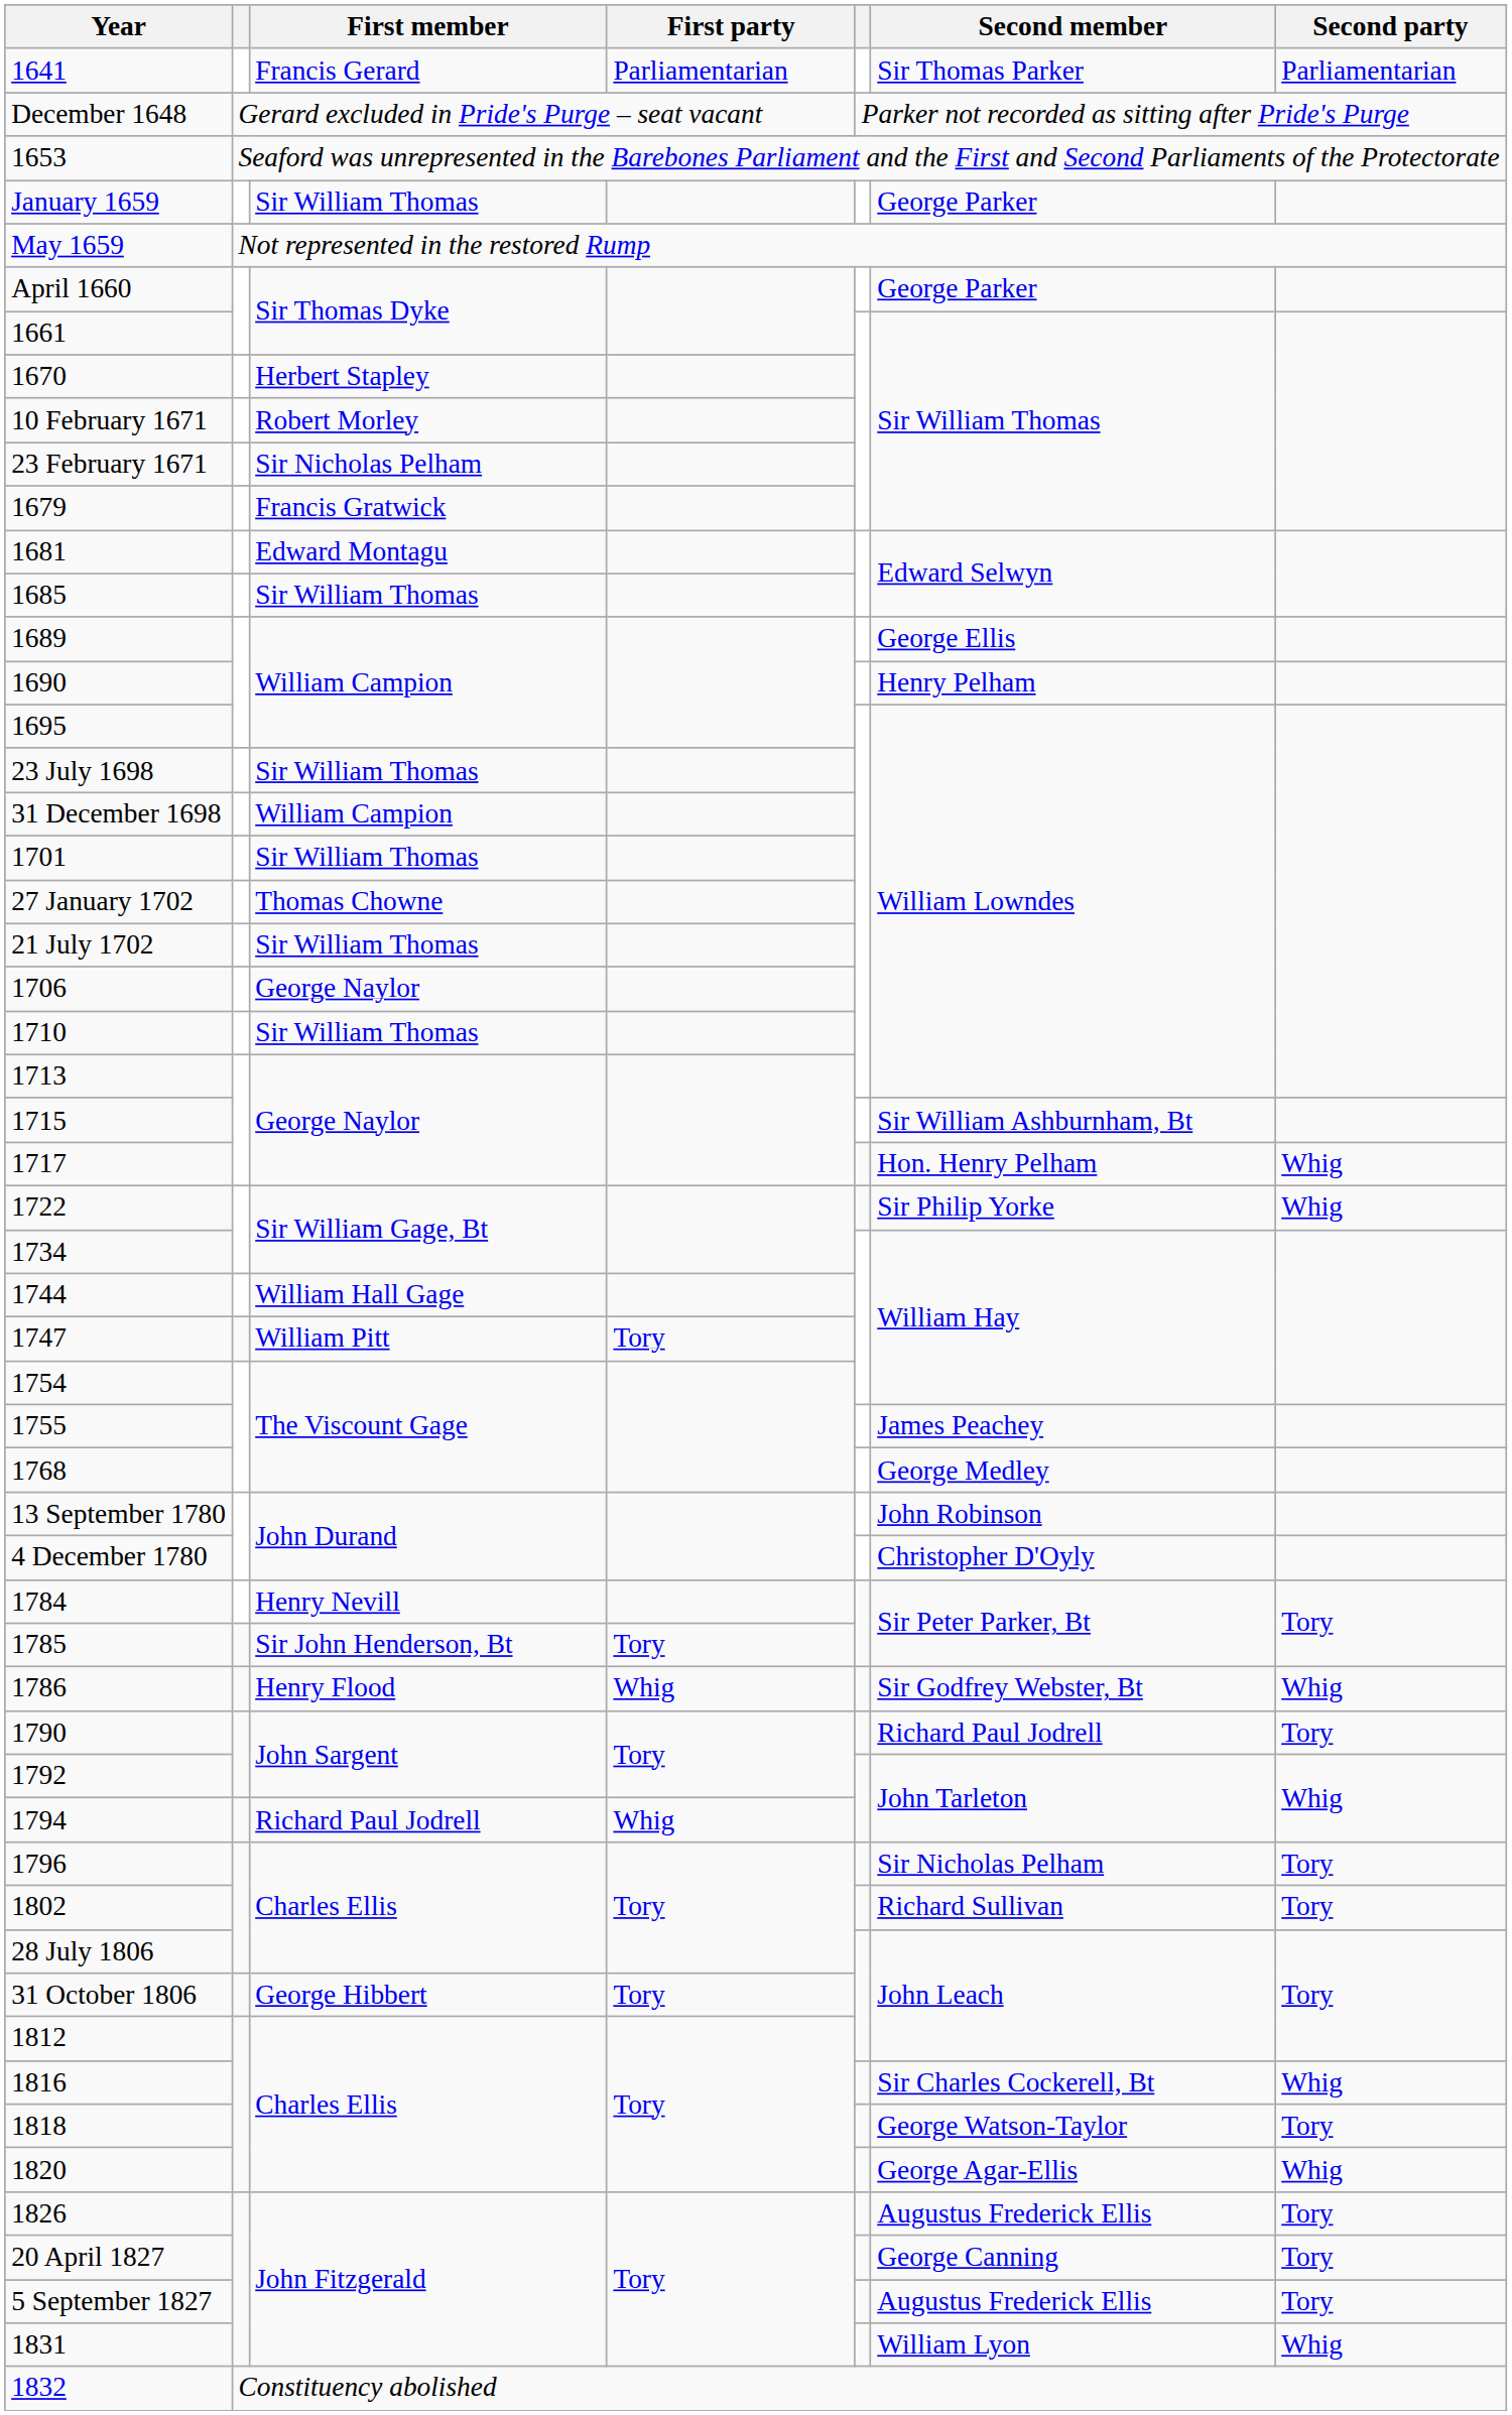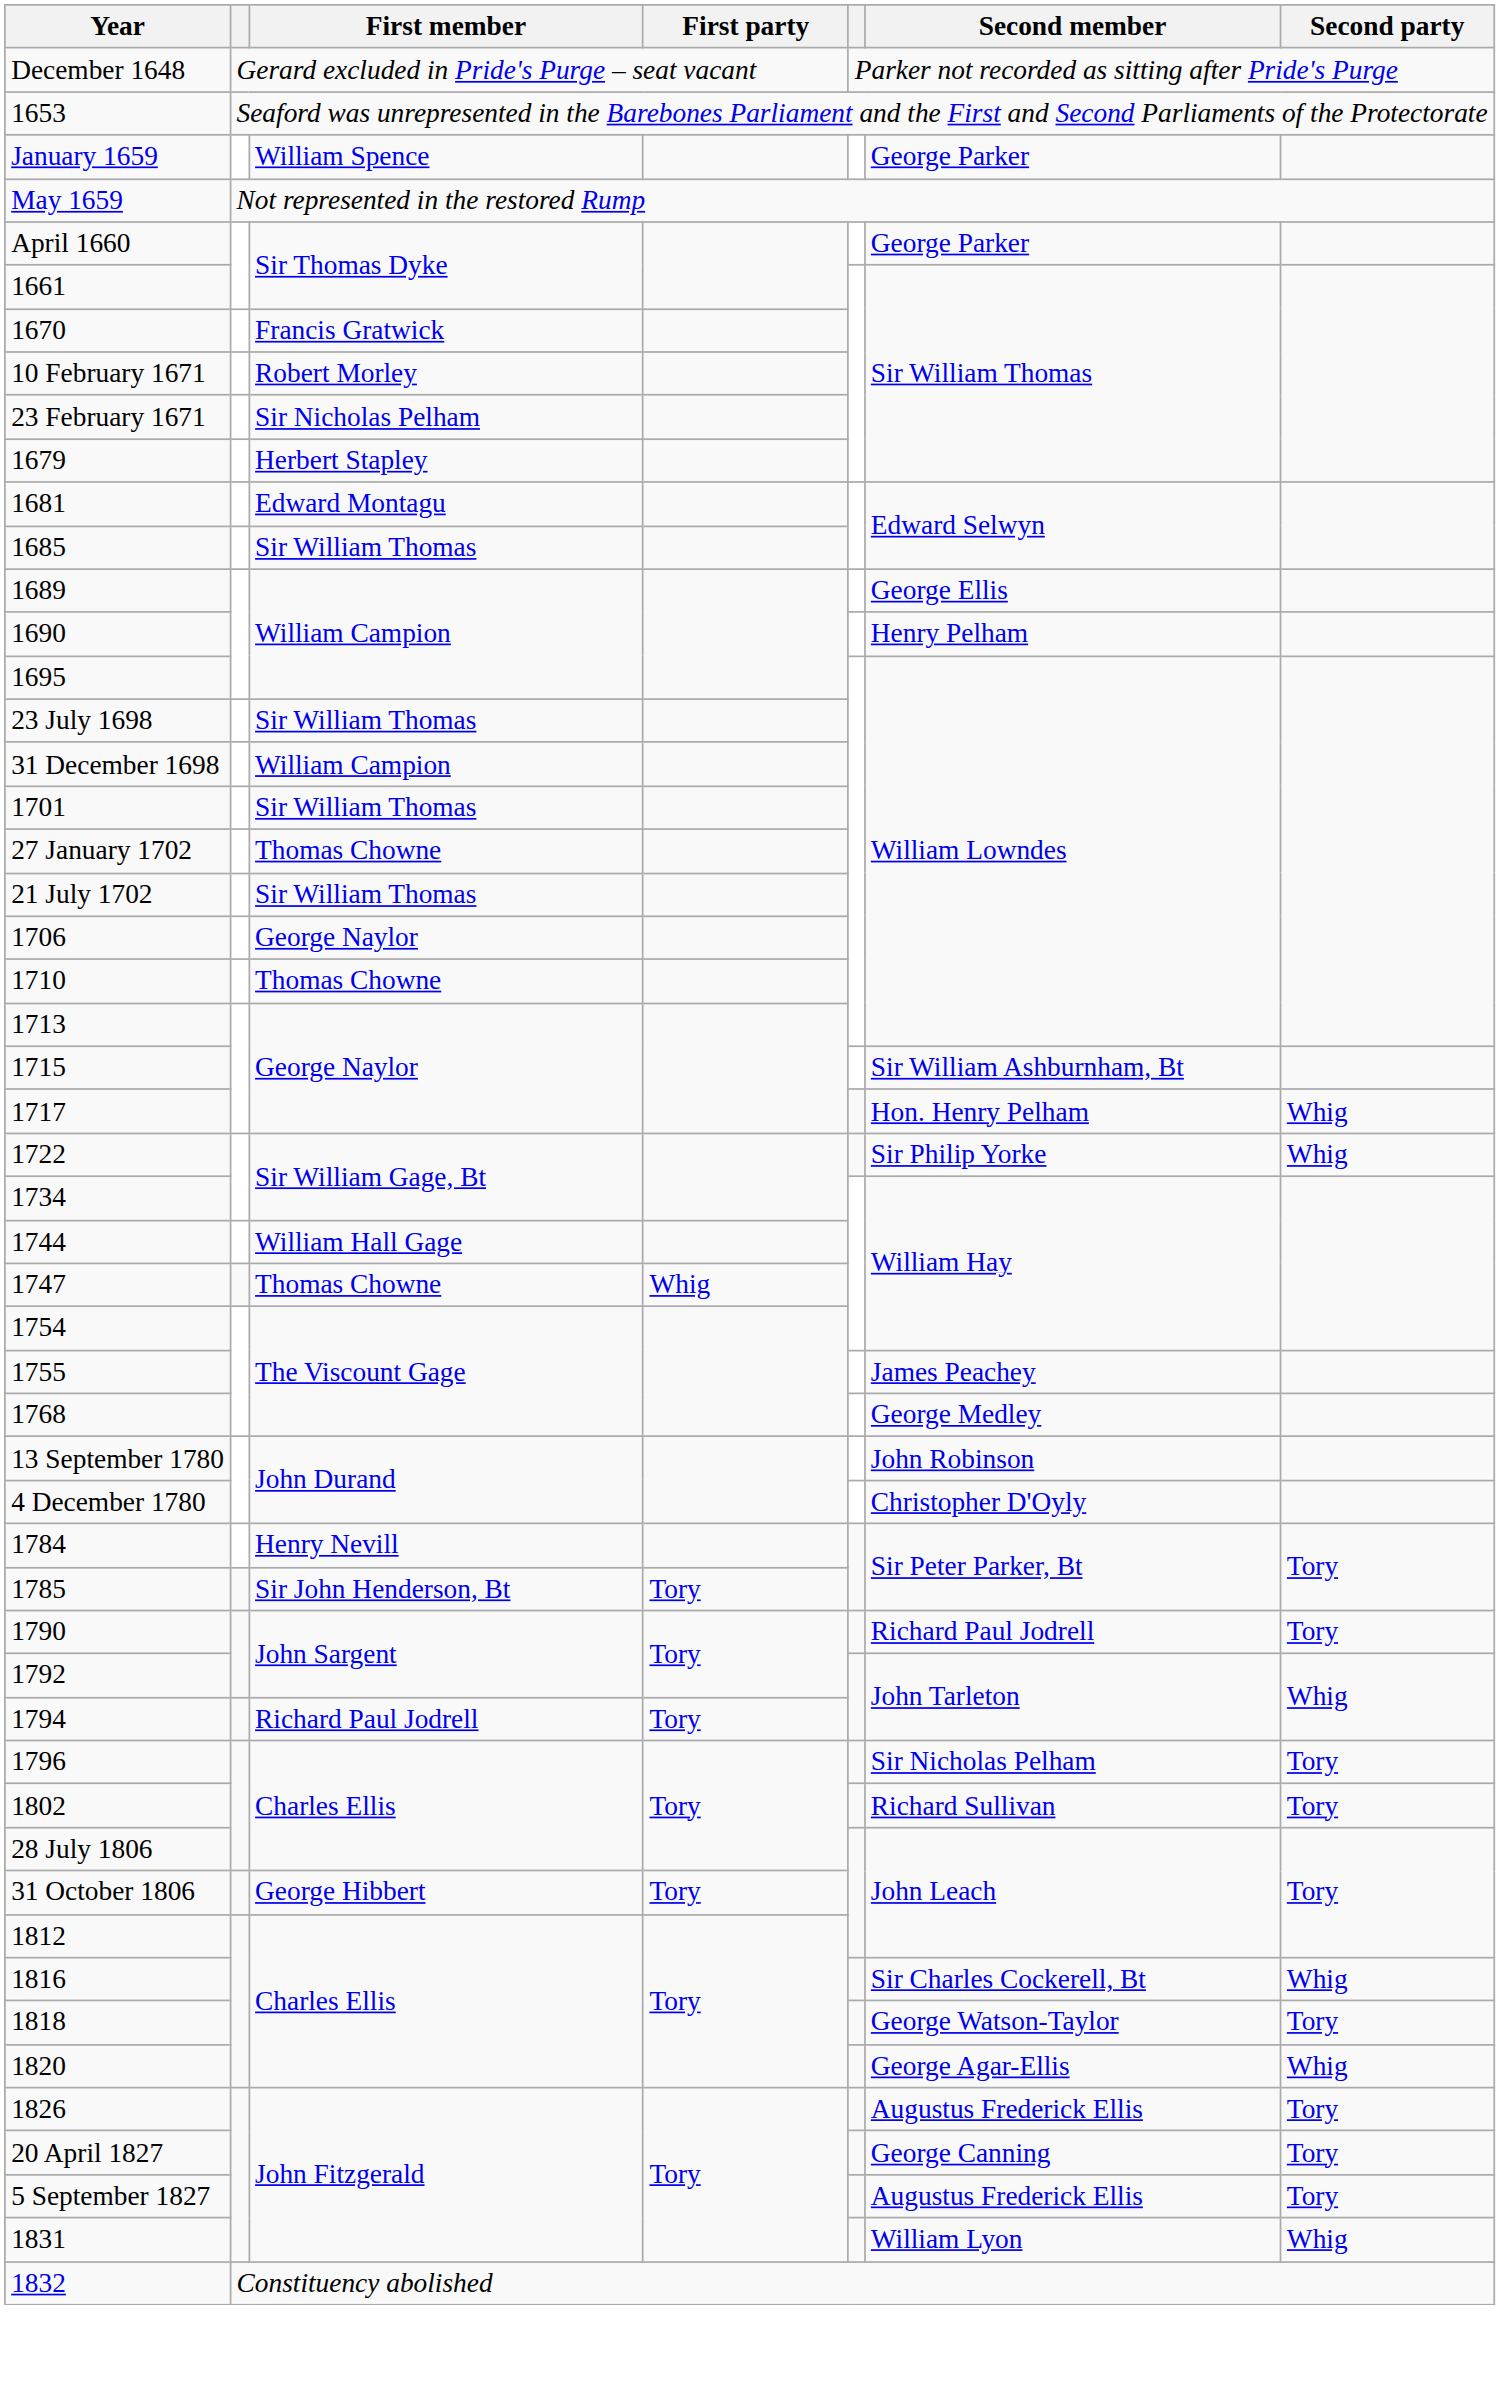 <table class="wikitable">
 <tr>
 <th>Year</th>
 <th></th>
 <th>First member</th>
 <th>First party</th>
 <th></th>
 <th>Second member</th>
 <th>Second party</th>
-</tr>
-<tr>
-<td><a href='#'>1641</a></td>
-<td style="color:inherit;background-color: white"></td>
-<td><a href='#'>Francis Gerard</a></td>
-<td><a href='#'>Parliamentarian</a></td>
-<td style="color:inherit;background-color: white"></td>
-<td><a href='#'>Sir Thomas Parker</a></td>
-<td><a href='#'>Parliamentarian</a></td>
 </tr>
 <tr>
 <td>December 1648</td>
 <td colspan="3"><em>Gerard excluded in <a href='#'>Pride's Purge</a> – seat vacant</em></td>
 <td colspan="3"><em>Parker not recorded as sitting after <a href='#'>Pride's Purge</a></em></td>
 </tr>
 <tr>
 <td>1653</td>
 <td colspan="6"><em>Seaford was unrepresented in the <a href='#'>Barebones Parliament</a> and the <a href='#'>First</a> and <a href='#'>Second</a> Parliaments of the Protectorate</em></td>
 </tr>
 <tr>
 <td><a href='#'>January 1659</a></td>
 <td style="color:inherit;background-color: white"></td>
-<td><a href='#'>Sir William Thomas</a></td>
+<td><a href='#'>William Spence</a></td>
 <td></td>
 <td style="color:inherit;background-color: white"></td>
 <td><a href='#'>George Parker</a></td>
 <td></td>
 </tr>
 <tr>
 <td><a href='#'>May 1659</a></td>
 <td colspan="6"><em>Not represented in the restored <a href='#'>Rump</a></em></td>
 </tr>
 <tr>
 <td>April 1660</td>
 <td rowspan=2 style="color:inherit;background-color: white"></td>
 <td rowspan=2><a href='#'>Sir Thomas Dyke</a></td>
 <td rowspan=2></td>
 <td style="color:inherit;background-color: white"></td>
 <td><a href='#'>George Parker</a></td>
 <td></td>
 </tr>
 <tr>
 <td>1661</td>
 <td rowspan=5 style="color:inherit;background-color: white"></td>
 <td rowspan=5><a href='#'>Sir William Thomas</a></td>
 <td rowspan=5></td>
 </tr>
 <tr>
 <td>1670</td>
 <td style="color:inherit;background-color: white"></td>
-<td><a href='#'>Herbert Stapley</a></td>
+<td><a href='#'>Francis Gratwick</a></td>
 <td></td>
 </tr>
 <tr>
 <td>10 February 1671</td>
 <td style="color:inherit;background-color: white"></td>
 <td><a href='#'>Robert Morley</a></td>
 <td></td>
 </tr>
 <tr>
 <td>23 February 1671</td>
 <td style="color:inherit;background-color: white"></td>
 <td><a href='#'>Sir Nicholas Pelham</a></td>
 <td></td>
 </tr>
 <tr>
 <td>1679</td>
 <td style="color:inherit;background-color: white"></td>
-<td><a href='#'>Francis Gratwick</a></td>
+<td><a href='#'>Herbert Stapley</a></td>
 <td></td>
 </tr>
 <tr>
 <td>1681</td>
 <td style="color:inherit;background-color: white"></td>
 <td><a href='#'>Edward Montagu</a></td>
 <td></td>
 <td rowspan=2 style="color:inherit;background-color: white"></td>
 <td rowspan=2><a href='#'>Edward Selwyn</a></td>
 <td rowspan=2></td>
 </tr>
 <tr>
 <td>1685</td>
 <td style="color:inherit;background-color: white"></td>
 <td><a href='#'>Sir William Thomas</a></td>
 <td></td>
 </tr>
 <tr>
 <td>1689</td>
 <td rowspan=3 style="color:inherit;background-color: white"></td>
 <td rowspan=3><a href='#'>William Campion</a></td>
 <td rowspan=3></td>
 <td style="color:inherit;background-color: white"></td>
 <td><a href='#'>George Ellis</a></td>
 <td></td>
 </tr>
 <tr>
 <td>1690</td>
 <td style="color:inherit;background-color: white"></td>
 <td><a href='#'>Henry Pelham</a></td>
 <td></td>
 </tr>
 <tr>
 <td>1695</td>
 <td rowspan=9 style="color:inherit;background-color: white"></td>
 <td rowspan=9><a href='#'>William Lowndes</a></td>
 <td rowspan=9></td>
 </tr>
 <tr>
 <td>23 July 1698</td>
 <td style="color:inherit;background-color: white"></td>
 <td><a href='#'>Sir William Thomas</a></td>
 <td></td>
 </tr>
 <tr>
 <td>31 December 1698</td>
 <td style="color:inherit;background-color: white"></td>
 <td><a href='#'>William Campion</a></td>
 <td></td>
 </tr>
 <tr>
 <td>1701</td>
 <td style="color:inherit;background-color: white"></td>
 <td><a href='#'>Sir William Thomas</a></td>
 <td></td>
 </tr>
 <tr>
 <td>27 January 1702</td>
 <td style="color:inherit;background-color: white"></td>
 <td><a href='#'>Thomas Chowne</a></td>
 <td></td>
 </tr>
 <tr>
 <td>21 July 1702</td>
 <td style="color:inherit;background-color: white"></td>
 <td><a href='#'>Sir William Thomas</a></td>
 <td></td>
 </tr>
 <tr>
 <td>1706</td>
 <td style="color:inherit;background-color: white"></td>
 <td><a href='#'>George Naylor</a></td>
 <td></td>
 </tr>
 <tr>
 <td>1710</td>
 <td style="color:inherit;background-color: white"></td>
-<td><a href='#'>Sir William Thomas</a></td>
+<td><a href='#'>Thomas Chowne</a></td>
 <td></td>
 </tr>
 <tr>
 <td>1713</td>
 <td rowspan=3 style="color:inherit;background-color: white"></td>
 <td rowspan=3><a href='#'>George Naylor</a></td>
 <td rowspan=3></td>
 </tr>
 <tr>
 <td>1715</td>
 <td style="color:inherit;background-color: white"></td>
 <td><a href='#'>Sir William Ashburnham, Bt</a></td>
 <td></td>
 </tr>
 <tr>
 <td>1717</td>
 <td style="color:inherit;background-color: "></td>
 <td><a href='#'>Hon. Henry Pelham</a></td>
 <td><a href='#'>Whig</a></td>
 </tr>
 <tr>
 <td>1722</td>
 <td rowspan=2 style="color:inherit;background-color: white"></td>
 <td rowspan=2><a href='#'>Sir William Gage, Bt</a></td>
 <td rowspan=2></td>
 <td style="color:inherit;background-color: "></td>
 <td><a href='#'>Sir Philip Yorke</a></td>
 <td><a href='#'>Whig</a></td>
 </tr>
 <tr>
 <td>1734</td>
 <td rowspan=4 style="color:inherit;background-color: white"></td>
 <td rowspan=4><a href='#'>William Hay</a></td>
 <td rowspan=4></td>
 </tr>
 <tr>
 <td>1744</td>
 <td style="color:inherit;background-color: white"></td>
 <td><a href='#'>William Hall Gage</a></td>
 <td></td>
 </tr>
 <tr>
 <td>1747</td>
 <td style="color:inherit;background-color: "></td>
-<td><a href='#'>William Pitt</a></td>
-<td><a href='#'>Tory</a></td>
+<td><a href='#'>Thomas Chowne</a></td>
+<td><a href='#'>Whig</a></td>
 </tr>
 <tr>
 <td>1754</td>
 <td rowspan=3 style="color:inherit;background-color: white"></td>
 <td rowspan=3><a href='#'>The Viscount Gage</a></td>
 <td rowspan=3></td>
 </tr>
 <tr>
 <td>1755</td>
 <td style="color:inherit;background-color: white"></td>
 <td><a href='#'>James Peachey</a></td>
 <td></td>
 </tr>
 <tr>
 <td>1768</td>
 <td style="color:inherit;background-color: white"></td>
 <td><a href='#'>George Medley</a></td>
 <td></td>
 </tr>
 <tr>
 <td>13 September 1780</td>
 <td rowspan=2 style="color:inherit;background-color: white"></td>
 <td rowspan=2><a href='#'>John Durand</a></td>
 <td rowspan=2></td>
 <td style="color:inherit;background-color: white"></td>
 <td><a href='#'>John Robinson</a></td>
 <td></td>
 </tr>
 <tr>
 <td>4 December 1780</td>
 <td style="color:inherit;background-color: white"></td>
 <td><a href='#'>Christopher D'Oyly</a></td>
 <td></td>
 </tr>
 <tr>
 <td>1784</td>
 <td style="color:inherit;background-color: white"></td>
 <td><a href='#'>Henry Nevill</a></td>
 <td></td>
 <td rowspan=2 style="color:inherit;background-color: "></td>
 <td rowspan=2><a href='#'>Sir Peter Parker, Bt</a></td>
 <td rowspan=2><a href='#'>Tory</a></td>
 </tr>
 <tr>
 <td>1785 </td>
 <td style="color:inherit;background-color: "></td>
 <td><a href='#'>Sir John Henderson, Bt</a></td>
 <td><a href='#'>Tory</a></td>
 </tr>
 <tr>
-<td>1786</td>
-<td style="color:inherit;background-color: "></td>
-<td><a href='#'>Henry Flood</a></td>
-<td><a href='#'>Whig</a></td>
-<td style="color:inherit;background-color: "></td>
-<td><a href='#'>Sir Godfrey Webster, Bt</a></td>
-<td><a href='#'>Whig</a></td>
-</tr>
-<tr>
 <td>1790</td>
 <td rowspan=2 style="color:inherit;background-color: "></td>
 <td rowspan=2><a href='#'>John Sargent</a></td>
 <td rowspan=2><a href='#'>Tory</a></td>
 <td style="color:inherit;background-color: "></td>
 <td><a href='#'>Richard Paul Jodrell</a></td>
 <td><a href='#'>Tory</a></td>
 </tr>
 <tr>
 <td>1792</td>
 <td rowspan=2 style="color:inherit;background-color: "></td>
 <td rowspan=2><a href='#'>John Tarleton</a></td>
 <td rowspan=2><a href='#'>Whig</a></td>
 </tr>
 <tr>
 <td>1794</td>
 <td style="color:inherit;background-color: "></td>
 <td><a href='#'>Richard Paul Jodrell</a></td>
-<td><a href='#'>Whig</a></td>
+<td><a href='#'>Tory</a></td>
 </tr>
 <tr>
 <td>1796</td>
 <td rowspan=3 style="color:inherit;background-color: "></td>
 <td rowspan=3><a href='#'>Charles Ellis</a></td>
 <td rowspan=3><a href='#'>Tory</a></td>
 <td style="color:inherit;background-color: "></td>
 <td><a href='#'>Sir Nicholas Pelham</a></td>
 <td><a href='#'>Tory</a></td>
 </tr>
 <tr>
 <td>1802</td>
 <td style="color:inherit;background-color: "></td>
 <td><a href='#'>Richard Sullivan</a></td>
 <td><a href='#'>Tory</a></td>
 </tr>
 <tr>
 <td>28 July 1806</td>
 <td rowspan=3 style="color:inherit;background-color: "></td>
 <td rowspan=3><a href='#'>John Leach</a></td>
 <td rowspan=3><a href='#'>Tory</a></td>
 </tr>
 <tr>
 <td>31 October 1806</td>
 <td style="color:inherit;background-color: "></td>
 <td><a href='#'>George Hibbert</a></td>
 <td><a href='#'>Tory</a></td>
 </tr>
 <tr>
 <td>1812</td>
 <td rowspan=4 style="color:inherit;background-color: "></td>
 <td rowspan=4><a href='#'>Charles Ellis</a></td>
 <td rowspan=4><a href='#'>Tory</a></td>
 </tr>
 <tr>
 <td>1816</td>
 <td style="color:inherit;background-color: "></td>
 <td><a href='#'>Sir Charles Cockerell, Bt</a></td>
 <td><a href='#'>Whig</a></td>
 </tr>
 <tr>
 <td>1818</td>
 <td style="color:inherit;background-color: "></td>
 <td><a href='#'>George Watson-Taylor</a></td>
 <td><a href='#'>Tory</a></td>
 </tr>
 <tr>
 <td>1820</td>
 <td style="color:inherit;background-color: "></td>
 <td><a href='#'>George Agar-Ellis</a></td>
 <td><a href='#'>Whig</a></td>
 </tr>
 <tr>
 <td>1826</td>
 <td rowspan=4 style="color:inherit;background-color: "></td>
 <td rowspan=4><a href='#'>John Fitzgerald</a></td>
 <td rowspan=4><a href='#'>Tory</a></td>
 <td style="color:inherit;background-color: "></td>
 <td><a href='#'>Augustus Frederick Ellis</a></td>
 <td><a href='#'>Tory</a></td>
 </tr>
 <tr>
 <td>20 April 1827</td>
 <td style="color:inherit;background-color: "></td>
 <td><a href='#'>George Canning</a></td>
 <td><a href='#'>Tory</a></td>
 </tr>
 <tr>
 <td>5 September 1827</td>
 <td style="color:inherit;background-color: "></td>
 <td><a href='#'>Augustus Frederick Ellis</a></td>
 <td><a href='#'>Tory</a></td>
 </tr>
 <tr>
 <td>1831</td>
 <td style="color:inherit;background-color: "></td>
 <td><a href='#'>William Lyon</a></td>
 <td><a href='#'>Whig</a></td>
 </tr>
 <tr>
 <td><a href='#'>1832</a></td>
 <td colspan="6"><em>Constituency abolished</em></td>
 </tr>
 <tr>
 </tr>
 </table>
